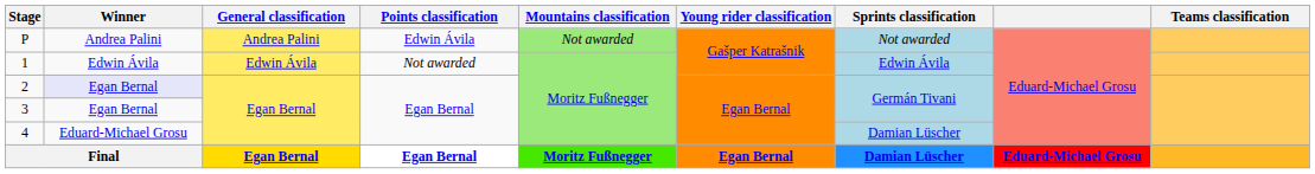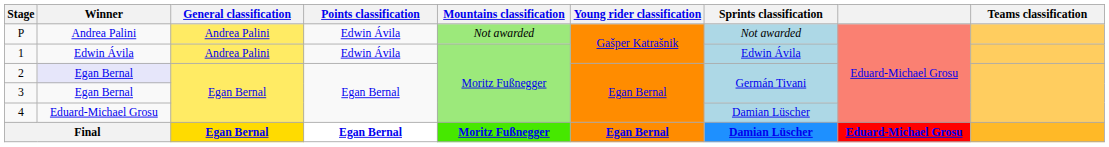 <table class="wikitable" style="text-align: center; font-size:smaller;">
 <tr style="background-color: #efefef;">
 <th width="2%">Stage</th>
 <th width="12.25%">Winner</th>
 <th width="12.25%"><a href='#'>General classification</a><br></th>
 <th width="12.25%"><a href='#'>Points classification</a><br></th>
 <th width="12.25%"><a href='#'>Mountains classification</a><br></th>
 <th width="12.25%"><a href='#'>Young rider classification</a><br></th>
 <th width="12.25%">Sprints classification<br></th>
 <th width="12.25%"></th>
 <th width="12.25%">Teams classification</th>
 </tr>
 <tr>
 <td scope=row>P</td>
 <td><a href='#'>Andrea Palini</a></td>
 <td style="background:#FFEB64;"><a href='#'>Andrea Palini</a></td>
 <td style="background:offwhite;"><a href='#'>Edwin Ávila</a></td>
 <td style="background:#9CE97B;"><em>Not awarded</em></td>
 <td style="background:#FF8C00;" rowspan=2><a href='#'>Gašper Katrašnik</a></td>
 <td style="background:lightblue;"><em>Not awarded</em></td>
 <td style="background:salmon;" rowspan=5><a href='#'>Eduard-Michael Grosu</a></td>
 <td style="background:#FFCD5F;"></td>
 </tr>
 <tr>
 <td scope=row>1</td>
 <td><a href='#'>Edwin Ávila</a></td>
-<td style="background:#FFEB64;"><a href='#'>Edwin Ávila</a></td>
-<td style="background:offwhite;"><em>Not awarded</em></td>
+<td style="background:#FFEB64;"><a href='#'>Andrea Palini</a></td>
+<td style="background:offwhite;"><a href='#'>Edwin Ávila</a></td>
 <td style="background:#9CE97B;" rowspan=4><a href='#'>Moritz Fußnegger</a></td>
 <td style="background:lightblue;"><a href='#'>Edwin Ávila</a></td>
 <td style="background:#FFCD5F;"></td>
 </tr>
 <tr>
 <td scope=row>2</td>
 <td style="background: lavender;"><a href='#'>Egan Bernal</a></td>
 <td style="background:#FFEB64;" rowspan=3><a href='#'>Egan Bernal</a></td>
 <td style="background:offwhite;" rowspan=3><a href='#'>Egan Bernal</a></td>
 <td style="background:#FF8C00;" rowspan=3><a href='#'>Egan Bernal</a></td>
 <td style="background:lightblue;" rowspan=2><a href='#'>Germán Tivani</a></td>
 <td style="background:#FFCD5F;" rowspan=3></td>
 </tr>
 <tr>
 <td scope=row>3</td>
 <td><a href='#'>Egan Bernal</a></td>
 </tr>
 <tr>
 <td scope=row>4</td>
 <td><a href='#'>Eduard-Michael Grosu</a></td>
 <td style="background:lightblue;"><a href='#'>Damian Lüscher</a></td>
 </tr>
 <tr>
 <th colspan="2">Final</th>
 <th style="background:#FFDB00;"><a href='#'>Egan Bernal</a></th>
 <th style="background:white;"><a href='#'>Egan Bernal</a></th>
 <th style="background:#46E800;"><a href='#'>Moritz Fußnegger</a></th>
 <th style="background:#FF8C00;"><a href='#'>Egan Bernal</a></th>
 <th style="background:dodgerblue;"><a href='#'>Damian Lüscher</a></th>
 <th style="background:red;"><a href='#'>Eduard-Michael Grosu</a></th>
 <th style="background:#FFB927;"></th>
 </tr>
 </table>
